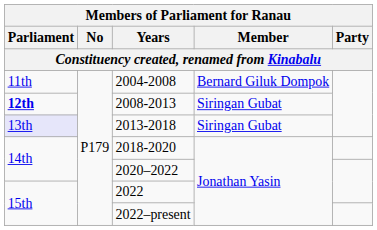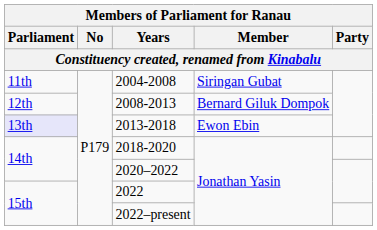 <table class=wikitable>
 <tr>
 <th colspan="5">Members of Parliament for Ranau</th>
 </tr>
 <tr>
 <th>Parliament</th>
 <th>No</th>
 <th>Years</th>
 <th>Member</th>
 <th>Party</th>
 </tr>
 <tr>
 <th colspan="5" align="center"><em>Constituency created, renamed from <a href='#'>Kinabalu</a></em></th>
 </tr>
 <tr>
 <td><a href='#'>11th</a></td>
 <td rowspan="7">P179</td>
 <td>2004-2008</td>
-<td><a href='#'>Bernard Giluk Dompok</a></td>
+<td><a href='#'>Siringan Gubat</a></td>
 <td rowspan=3></td>
 </tr>
 <tr>
-<td><strong><a href='#'>12th</a></strong></td>
+<td><a href='#'>12th</a></td>
 <td>2008-2013</td>
-<td><a href='#'>Siringan Gubat</a></td>
+<td><a href='#'>Bernard Giluk Dompok</a></td>
 </tr>
 <tr>
 <td style="background: lavender;"><a href='#'>13th</a></td>
 <td>2013-2018</td>
-<td><a href='#'>Siringan Gubat</a></td>
+<td><a href='#'>Ewon Ebin</a></td>
 </tr>
 <tr>
 <td rowspan=2><a href='#'>14th</a></td>
 <td>2018-2020</td>
 <td rowspan="4"><a href='#'>Jonathan Yasin</a></td>
 <td></td>
 </tr>
 <tr>
 <td>2020–2022</td>
 <td rowspan=2></td>
 </tr>
 <tr>
 <td rowspan="2"><a href='#'>15th</a></td>
 <td>2022</td>
 </tr>
 <tr>
 <td>2022–present</td>
 <td></td>
 </tr>
 </table>
